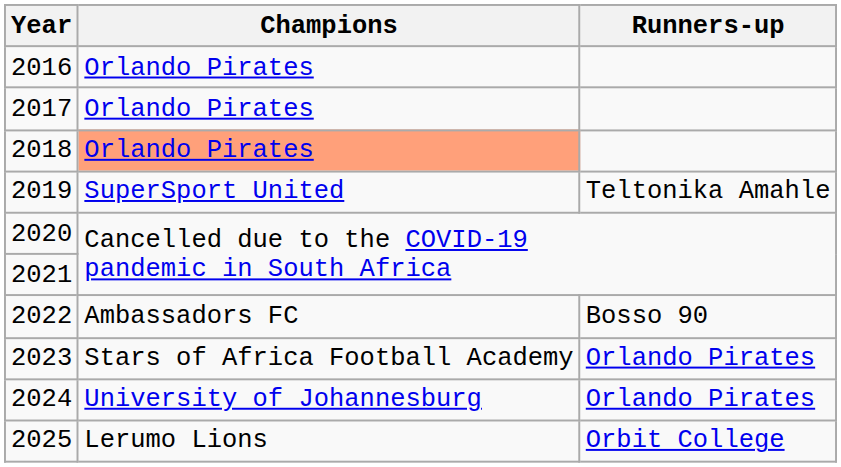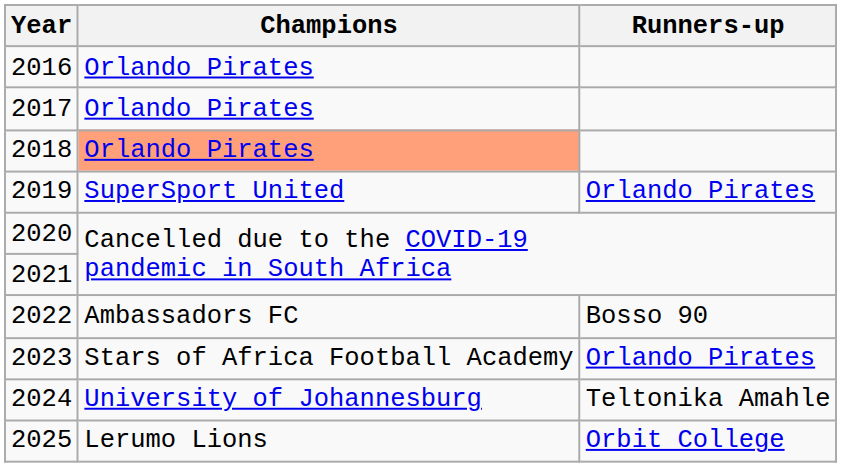 <table class="wikitable">
 <tr>
 <th>Year</th>
 <th>Champions</th>
 <th>Runners-up</th>
 </tr>
 <tr>
 <td>2016</td>
 <td><a href='#'>Orlando Pirates</a></td>
 <td></td>
 </tr>
 <tr>
 <td>2017</td>
 <td><a href='#'>Orlando Pirates</a></td>
 <td></td>
 </tr>
 <tr>
 <td>2018</td>
 <td style="background: lightsalmon;"><a href='#'>Orlando Pirates</a></td>
 <td></td>
 </tr>
 <tr>
 <td>2019</td>
 <td><a href='#'>SuperSport United</a></td>
-<td>Teltonika Amahle</td>
+<td><a href='#'>Orlando Pirates</a></td>
 </tr>
 <tr>
 <td>2020</td>
 <td colspan="2" rowspan="2">Cancelled due to the <a href='#'>COVID-19</a><br><a href='#'>pandemic in South Africa</a></td>
 </tr>
 <tr>
 <td>2021</td>
 </tr>
 <tr>
 <td>2022</td>
 <td>Ambassadors FC</td>
 <td>Bosso 90</td>
 </tr>
 <tr>
 <td>2023</td>
 <td>Stars of Africa Football Academy</td>
 <td><a href='#'>Orlando Pirates</a></td>
 </tr>
 <tr>
 <td>2024</td>
 <td><a href='#'>University of Johannesburg</a></td>
-<td><a href='#'>Orlando Pirates</a></td>
+<td>Teltonika Amahle</td>
 </tr>
 <tr>
 <td>2025</td>
 <td>Lerumo Lions</td>
 <td><a href='#'>Orbit College</a></td>
 </tr>
 </table>
